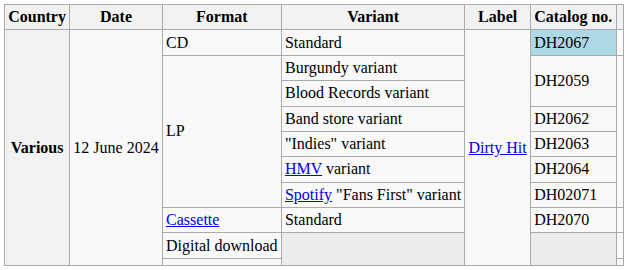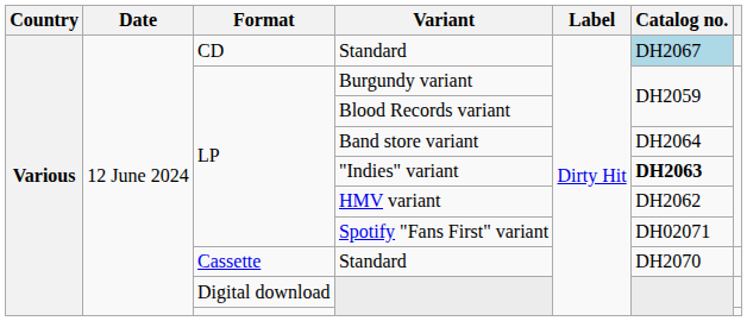 <table class="wikitable plainrowheaders">
 <tr>
 <th scope="col">Country</th>
 <th scope="col">Date</th>
 <th scope="col">Format</th>
 <th scope="col">Variant</th>
 <th scope="col">Label</th>
 <th scope="col">Catalog no.</th>
 <th scope="col"></th>
 </tr>
 <tr>
 <th scope="row" rowspan="10">Various</th>
 <td rowspan="10">12 June 2024</td>
 <td>CD</td>
 <td>Standard</td>
 <td rowspan="10"><a href='#'>Dirty Hit</a></td>
 <td style="background: lightblue;">DH2067</td>
 <td rowspan="1"></td>
 </tr>
 <tr>
 <td rowspan="6">LP</td>
 <td>Burgundy variant</td>
 <td rowspan="2">DH2059</td>
 <td rowspan="6"></td>
 </tr>
 <tr>
 <td>Blood Records variant</td>
 </tr>
 <tr>
 <td>Band store variant</td>
-<td>DH2062</td>
+<td>DH2064</td>
 </tr>
 <tr>
 <td>"Indies" variant</td>
-<td>DH2063</td>
+<td><strong>DH2063</strong></td>
 </tr>
 <tr>
 <td><a href='#'>HMV</a> variant</td>
-<td>DH2064</td>
+<td>DH2062</td>
 </tr>
 <tr>
 <td><a href='#'>Spotify</a> "Fans First" variant</td>
 <td>DH02071</td>
 </tr>
 <tr>
 <td><a href='#'>Cassette</a></td>
 <td>Standard</td>
 <td>DH2070</td>
 <td rowspan="1"></td>
 </tr>
 <tr>
 <td>Digital download</td>
 <td rowspan="2" style="background: #ececec"></td>
 <td rowspan="2" style="background: #ececec"></td>
 <td></td>
 </tr>
 <tr>
 <td rowspan="1"></td>
 <td></td>
 </tr>
 <tr>
 </tr>
 </table>
